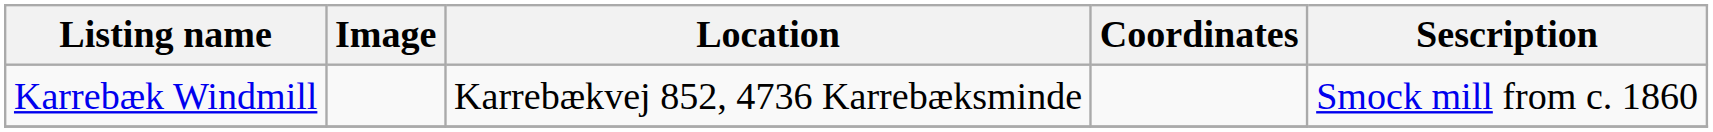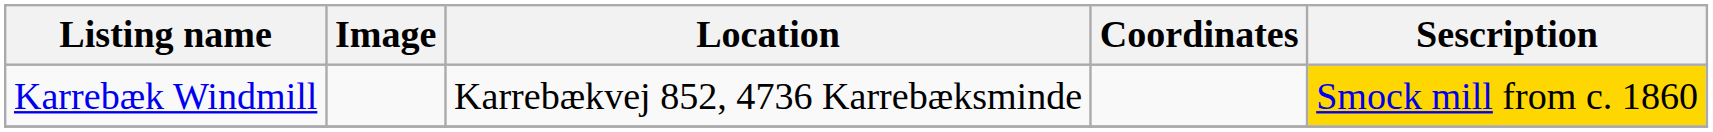 <table class="wikitable sortable">
 <tr>
 <th>Listing name</th>
 <th>Image</th>
 <th>Location</th>
 <th>Coordinates</th>
 <th>Sescription</th>
 </tr>
 <tr>
 <td><a href='#'>Karrebæk Windmill</a></td>
 <td></td>
 <td>Karrebækvej 852, 4736 Karrebæksminde</td>
 <td></td>
-<td><a href='#'>Smock mill</a> from c. 1860</td>
+<td style="background: gold;"><a href='#'>Smock mill</a> from c. 1860</td>
 </tr>
 <tr>
 </tr>
 </table>
